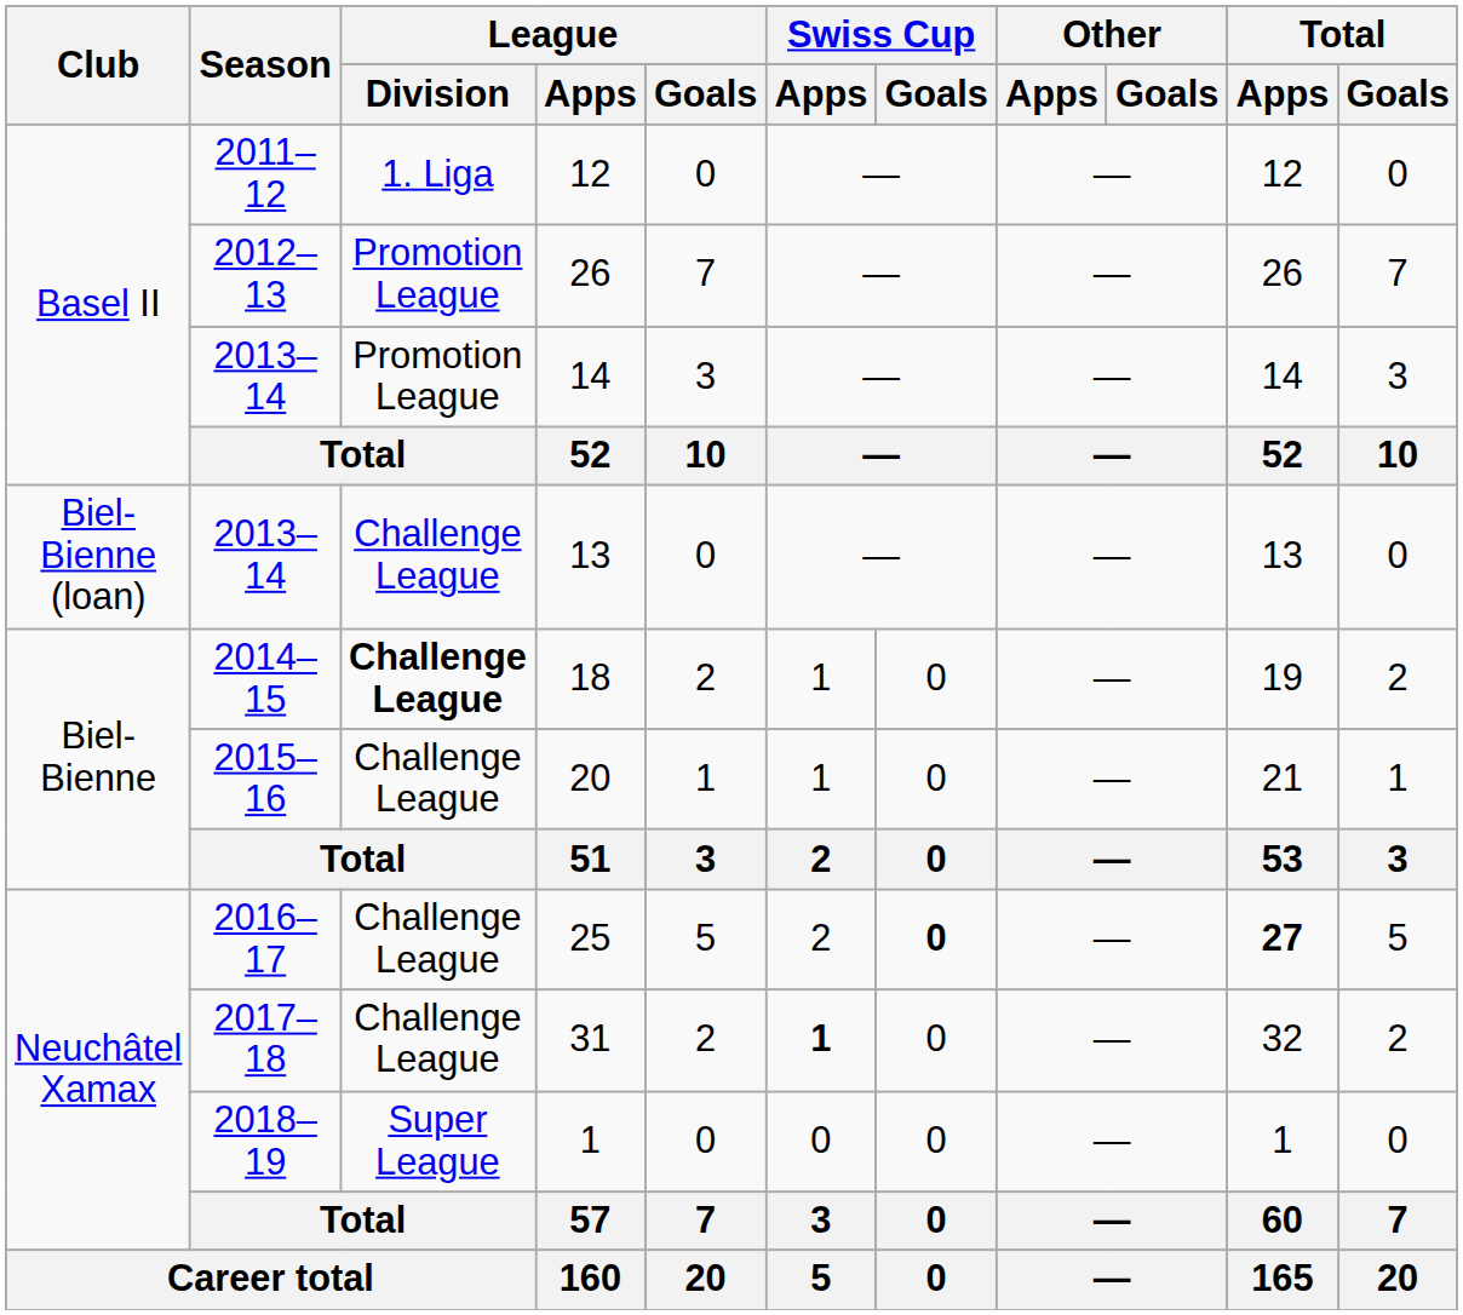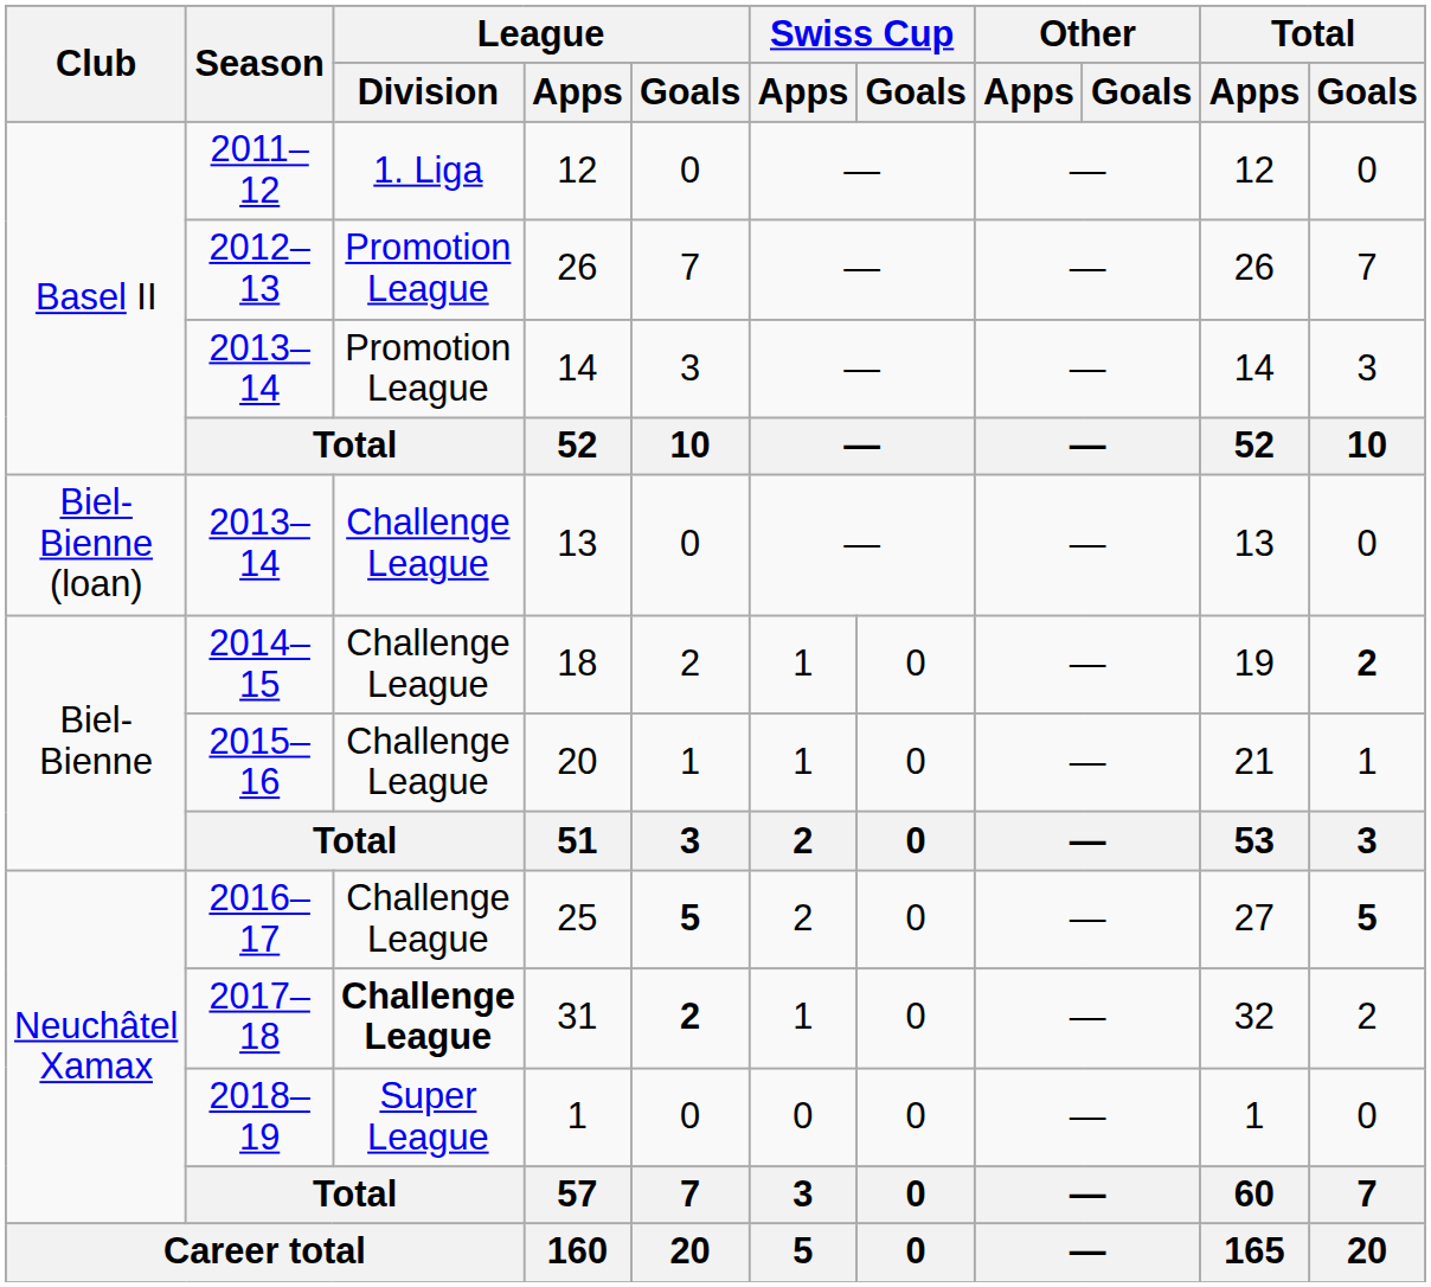 <table class=wikitable style=text-align:center>
 <tr>
 <th rowspan=2>Club</th>
 <th rowspan=2>Season</th>
 <th colspan=3>League</th>
 <th colspan=2><a href='#'>Swiss Cup</a></th>
 <th colspan=2>Other</th>
 <th colspan=2>Total</th>
 </tr>
 <tr>
 <th>Division</th>
 <th>Apps</th>
 <th>Goals</th>
 <th>Apps</th>
 <th>Goals</th>
 <th>Apps</th>
 <th>Goals</th>
 <th>Apps</th>
 <th>Goals</th>
 </tr>
 <tr>
 <td rowspan=4><a href='#'>Basel</a> II</td>
 <td><a href='#'>2011–12</a></td>
 <td><a href='#'>1. Liga</a></td>
 <td>12</td>
 <td>0</td>
 <td colspan=2>—</td>
 <td colspan=2>—</td>
 <td>12</td>
 <td>0</td>
 </tr>
 <tr>
 <td><a href='#'>2012–13</a></td>
 <td><a href='#'>Promotion League</a></td>
 <td>26</td>
 <td>7</td>
 <td colspan=2>—</td>
 <td colspan=2>—</td>
 <td>26</td>
 <td>7</td>
 </tr>
 <tr>
 <td><a href='#'>2013–14</a></td>
 <td>Promotion League</td>
 <td>14</td>
 <td>3</td>
 <td colspan=2>—</td>
 <td colspan=2>—</td>
 <td>14</td>
 <td>3</td>
 </tr>
 <tr>
 <th colspan=2>Total</th>
 <th>52</th>
 <th>10</th>
 <th colspan=2>—</th>
 <th colspan=2>—</th>
 <th>52</th>
 <th>10</th>
 </tr>
 <tr>
 <td><a href='#'>Biel-Bienne</a> (loan)</td>
 <td><a href='#'>2013–14</a></td>
 <td><a href='#'>Challenge League</a></td>
 <td>13</td>
 <td>0</td>
 <td colspan=2>—</td>
 <td colspan=2>—</td>
 <td>13</td>
 <td>0</td>
 </tr>
 <tr>
 <td rowspan=3>Biel-Bienne</td>
 <td><a href='#'>2014–15</a></td>
-<td><strong>Challenge League</strong></td>
+<td>Challenge League</td>
 <td>18</td>
 <td>2</td>
 <td>1</td>
 <td>0</td>
 <td colspan=2>—</td>
 <td>19</td>
-<td>2</td>
+<td><strong>2</strong></td>
 </tr>
 <tr>
 <td><a href='#'>2015–16</a></td>
 <td>Challenge League</td>
 <td>20</td>
 <td>1</td>
 <td>1</td>
 <td>0</td>
 <td colspan=2>—</td>
 <td>21</td>
 <td>1</td>
 </tr>
 <tr>
 <th colspan=2>Total</th>
 <th>51</th>
 <th>3</th>
 <th>2</th>
 <th>0</th>
 <th colspan=2>—</th>
 <th>53</th>
 <th>3</th>
 </tr>
 <tr>
 <td rowspan=4><a href='#'>Neuchâtel Xamax</a></td>
 <td><a href='#'>2016–17</a></td>
 <td>Challenge League</td>
 <td>25</td>
-<td>5</td>
+<td><strong>5</strong></td>
 <td>2</td>
-<td><strong>0</strong></td>
+<td>0</td>
 <td colspan=2>—</td>
-<td><strong>27</strong></td>
-<td>5</td>
+<td>27</td>
+<td><strong>5</strong></td>
 </tr>
 <tr>
 <td><a href='#'>2017–18</a></td>
-<td>Challenge League</td>
+<td><strong>Challenge League</strong></td>
 <td>31</td>
-<td>2</td>
-<td><strong>1</strong></td>
+<td><strong>2</strong></td>
+<td>1</td>
 <td>0</td>
 <td colspan=2>—</td>
 <td>32</td>
 <td>2</td>
 </tr>
 <tr>
 <td><a href='#'>2018–19</a></td>
 <td><a href='#'>Super League</a></td>
 <td>1</td>
 <td>0</td>
 <td>0</td>
 <td>0</td>
 <td colspan=2>—</td>
 <td>1</td>
 <td>0</td>
 </tr>
 <tr>
 <th colspan=2>Total</th>
 <th>57</th>
 <th>7</th>
 <th>3</th>
 <th>0</th>
 <th colspan=2>—</th>
 <th>60</th>
 <th>7</th>
 </tr>
 <tr>
 <th colspan=3>Career total</th>
 <th>160</th>
 <th>20</th>
 <th>5</th>
 <th>0</th>
 <th colspan=2>—</th>
 <th>165</th>
 <th>20</th>
 </tr>
 </table>
